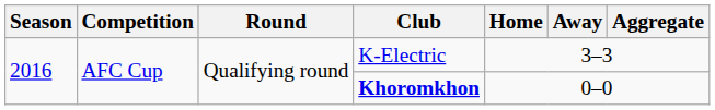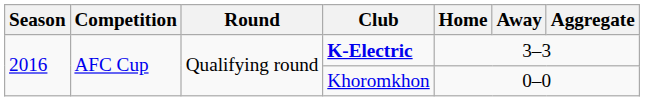 <table class="wikitable">
 <tr>
 <th>Season</th>
 <th>Competition</th>
 <th>Round</th>
 <th>Club</th>
 <th>Home</th>
 <th>Away</th>
 <th>Aggregate</th>
 </tr>
 <tr>
 <td rowspan="2"><a href='#'>2016</a></td>
 <td rowspan="2"><a href='#'>AFC Cup</a></td>
 <td rowspan="2">Qualifying round</td>
-<td> <a href='#'>K-Electric</a></td>
+<td><strong> <a href='#'>K-Electric</a></strong></td>
 <td colspan=3; style="text-align:center;">3–3</td>
 </tr>
 <tr>
-<td><strong> <a href='#'>Khoromkhon</a></strong></td>
+<td> <a href='#'>Khoromkhon</a></td>
 <td colspan=3; style="text-align:center;">0–0</td>
 </tr>
 </table>
